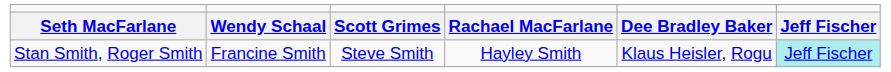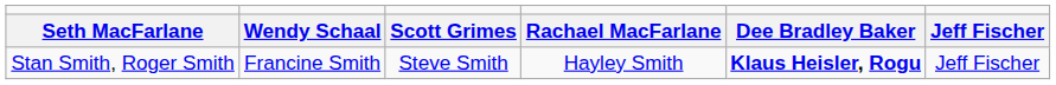 <table class="wikitable plainrowheaders" style="margin: 0 auto; text-align:center;">
 <tr>
 <td></td>
 <td></td>
 <td></td>
 <td></td>
 <td></td>
 <td></td>
 </tr>
 <tr>
 <th scope="row"><a href='#'>Seth MacFarlane</a></th>
 <th scope="row"><a href='#'>Wendy Schaal</a></th>
 <th scope="row"><a href='#'>Scott Grimes</a></th>
 <th scope="row"><a href='#'>Rachael MacFarlane</a></th>
 <th scope="row"><a href='#'>Dee Bradley Baker</a></th>
 <th scope="row"><a href='#'>Jeff Fischer</a></th>
 </tr>
 <tr>
 <td><a href='#'>Stan Smith</a>, <a href='#'>Roger Smith</a></td>
 <td><a href='#'>Francine Smith</a></td>
 <td><a href='#'>Steve Smith</a></td>
 <td><a href='#'>Hayley Smith</a></td>
-<td><a href='#'>Klaus Heisler</a>, <a href='#'>Rogu</a></td>
-<td style="background: paleturquoise;"><a href='#'>Jeff Fischer</a></td>
+<td><strong><a href='#'>Klaus Heisler</a>, <a href='#'>Rogu</a></strong></td>
+<td><a href='#'>Jeff Fischer</a></td>
 </tr>
 </table>
